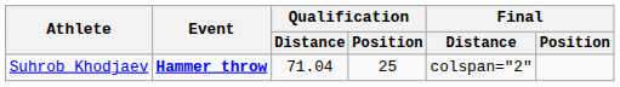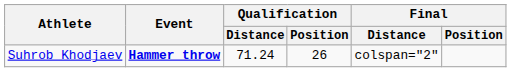 <table class=wikitable style="font-size:90%">
 <tr>
 <th rowspan="2">Athlete</th>
 <th rowspan="2">Event</th>
 <th colspan="2">Qualification</th>
 <th colspan="2">Final</th>
 </tr>
 <tr style="font-size:95%">
 <th>Distance</th>
 <th>Position</th>
 <th>Distance</th>
 <th>Position</th>
 </tr>
 <tr style=text-align:center>
 <td style=text-align:left><a href='#'>Suhrob Khodjaev</a></td>
 <td style=text-align:left><strong><a href='#'>Hammer throw</a></strong></td>
-<td>71.04</td>
-<td>25</td>
+<td>71.24</td>
+<td>26</td>
 <td>colspan="2" </td>
 </tr>
 </table>
